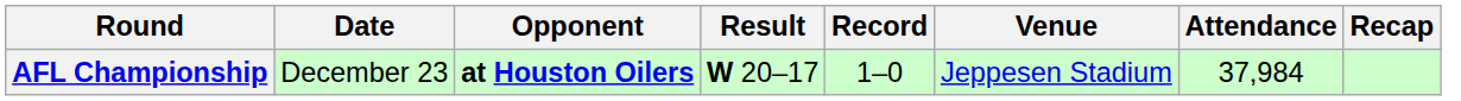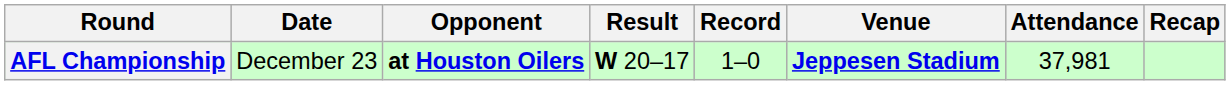 <table class="wikitable" style="text-align:center">
 <tr>
 <th>Round</th>
 <th>Date</th>
 <th>Opponent</th>
 <th>Result</th>
 <th>Record</th>
 <th>Venue</th>
 <th>Attendance</th>
 <th>Recap</th>
 </tr>
 <tr style="background:#cfc">
 <th><a href='#'>AFL Championship</a></th>
 <td>December 23</td>
 <td><strong>at <a href='#'>Houston Oilers</a></strong></td>
 <td><strong>W</strong> 20–17 </td>
 <td>1–0</td>
-<td><a href='#'>Jeppesen Stadium</a></td>
-<td>37,984</td>
+<td><strong><a href='#'>Jeppesen Stadium</a></strong></td>
+<td>37,981</td>
 <td></td>
 </tr>
 </table>
